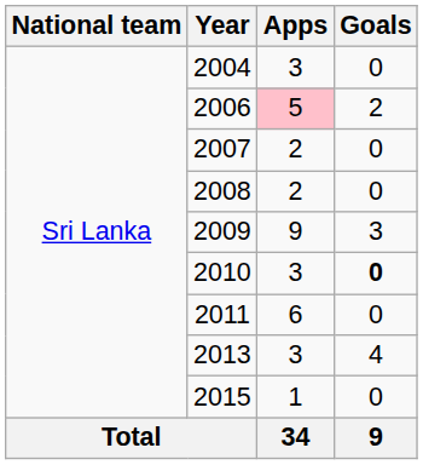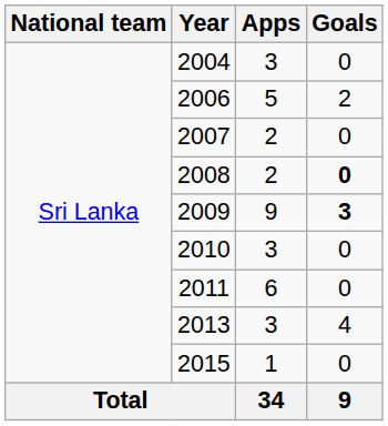 <table class="wikitable" style="text-align:center">
 <tr>
 <th>National team</th>
 <th>Year</th>
 <th>Apps</th>
 <th>Goals</th>
 </tr>
 <tr>
 <td rowspan="9"><a href='#'>Sri Lanka</a></td>
 <td>2004</td>
 <td>3</td>
 <td>0</td>
 </tr>
 <tr>
 <td>2006</td>
-<td style="background: pink;">5</td>
+<td>5</td>
 <td>2</td>
 </tr>
 <tr>
 <td>2007</td>
 <td>2</td>
 <td>0</td>
 </tr>
 <tr>
 <td>2008</td>
 <td>2</td>
-<td>0</td>
+<td><strong>0</strong></td>
 </tr>
 <tr>
 <td>2009</td>
 <td>9</td>
-<td>3</td>
+<td><strong>3</strong></td>
 </tr>
 <tr>
 <td>2010</td>
 <td>3</td>
-<td><strong>0</strong></td>
+<td>0</td>
 </tr>
 <tr>
 <td>2011</td>
 <td>6</td>
 <td>0</td>
 </tr>
 <tr>
 <td>2013</td>
 <td>3</td>
 <td>4</td>
 </tr>
 <tr>
 <td>2015</td>
 <td>1</td>
 <td>0</td>
 </tr>
 <tr>
 <th colspan="2">Total</th>
 <th>34</th>
 <th>9</th>
 </tr>
 </table>
